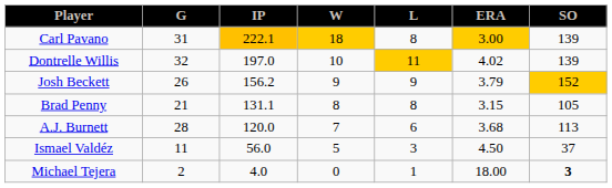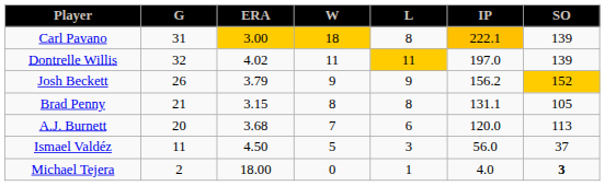 <table class="wikitable sortable">
 <tr>
 <th style=" background:#000000; color:#C9C0BB;" width="16%">Player</th>
 <th style=" background:#000000; color:#C9C0BB;" width="9%">G</th>
-<th style=" background:#000000; color:#C9C0BB;" width="9%">IP</th>
+<th style=" background:#000000; color:#C9C0BB;" width="9%">ERA</th>
 <th style=" background:#000000; color:#C9C0BB;" width="9%">W</th>
 <th style=" background:#000000; color:#C9C0BB;" width="9%">L</th>
-<th style=" background:#000000; color:#C9C0BB;" width="9%">ERA</th>
+<th style=" background:#000000; color:#C9C0BB;" width="9%">IP</th>
 <th style=" background:#000000; color:#C9C0BB;" width="9%">SO</th>
 </tr>
 <tr align=center>
 <td><a href='#'>Carl Pavano</a></td>
 <td>31</td>
-<td bgcolor="#FFCC00'">222.1</td>
+<td bgcolor="#FFCC00">3.00</td>
 <td bgcolor="#FFCC00">18</td>
 <td>8</td>
-<td bgcolor="#FFCC00">3.00</td>
+<td bgcolor="#FFCC00'">222.1</td>
 <td>139</td>
 </tr>
 <tr align=center>
 <td><a href='#'>Dontrelle Willis</a></td>
 <td>32</td>
+<td>4.02</td>
+<td>11</td>
+<td bgcolor="#FFCC00">11</td>
 <td>197.0</td>
-<td>10</td>
-<td bgcolor="#FFCC00">11</td>
-<td>4.02</td>
 <td>139</td>
 </tr>
 <tr align=center>
 <td><a href='#'>Josh Beckett</a></td>
 <td>26</td>
-<td>156.2</td>
+<td>3.79</td>
 <td>9</td>
 <td>9</td>
-<td>3.79</td>
+<td>156.2</td>
 <td bgcolor="#FFCC00">152</td>
 </tr>
 <tr align=center>
 <td><a href='#'>Brad Penny</a></td>
 <td>21</td>
-<td>131.1</td>
+<td>3.15</td>
 <td>8</td>
 <td>8</td>
-<td>3.15</td>
+<td>131.1</td>
 <td>105</td>
 </tr>
 <tr align=center>
 <td><a href='#'>A.J. Burnett</a></td>
-<td>28</td>
-<td>120.0</td>
+<td>20</td>
+<td>3.68</td>
 <td>7</td>
 <td>6</td>
-<td>3.68</td>
+<td>120.0</td>
 <td>113</td>
 </tr>
 <tr align=center>
 <td><a href='#'>Ismael Valdéz</a></td>
 <td>11</td>
-<td>56.0</td>
+<td>4.50</td>
 <td>5</td>
 <td>3</td>
-<td>4.50</td>
+<td>56.0</td>
 <td>37</td>
 </tr>
 <tr align=center>
 <td><a href='#'>Michael Tejera</a></td>
 <td>2</td>
-<td>4.0</td>
+<td>18.00</td>
 <td>0</td>
 <td>1</td>
-<td>18.00</td>
+<td>4.0</td>
 <td><strong>3</strong></td>
 </tr>
 </table>
